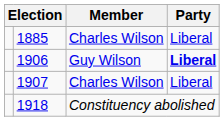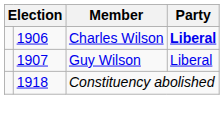 <table class="wikitable">
 <tr>
 <th colspan="2">Election</th>
 <th>Member</th>
 <th>Party</th>
 </tr>
 <tr>
 <td style="color:inherit;background-color: "></td>
-<td><a href='#'>1885</a></td>
+<td><a href='#'>1906</a></td>
 <td><a href='#'>Charles Wilson</a></td>
-<td><a href='#'>Liberal</a></td>
-</tr>
-<tr>
-<td style="color:inherit;background-color: "></td>
-<td><a href='#'>1906</a></td>
-<td><a href='#'>Guy Wilson</a></td>
 <td><strong><a href='#'>Liberal</a></strong></td>
 </tr>
 <tr>
 <td style="color:inherit;background-color: "></td>
 <td><a href='#'>1907</a></td>
-<td><a href='#'>Charles Wilson</a></td>
+<td><a href='#'>Guy Wilson</a></td>
 <td><a href='#'>Liberal</a></td>
 </tr>
 <tr>
 <td></td>
 <td><a href='#'>1918</a></td>
 <td colspan="2"><em>Constituency abolished</em></td>
 </tr>
 </table>
